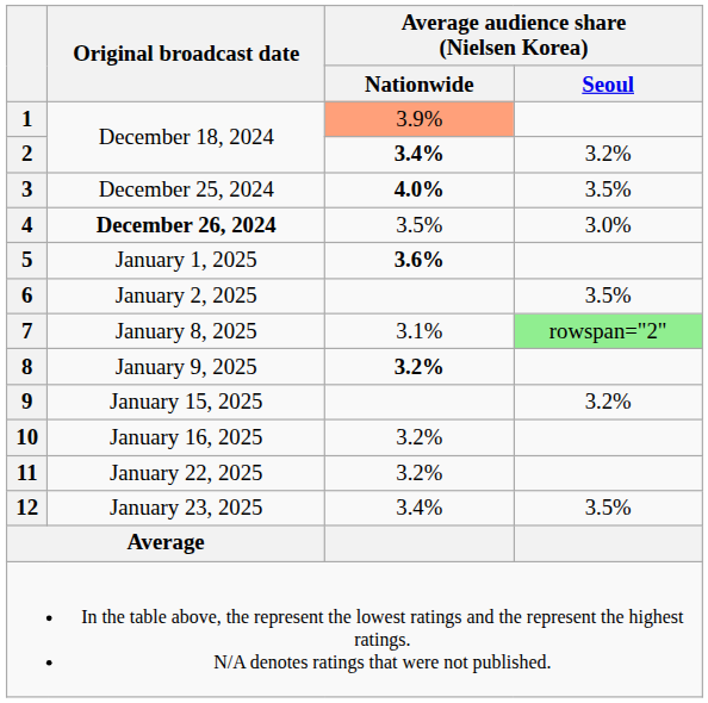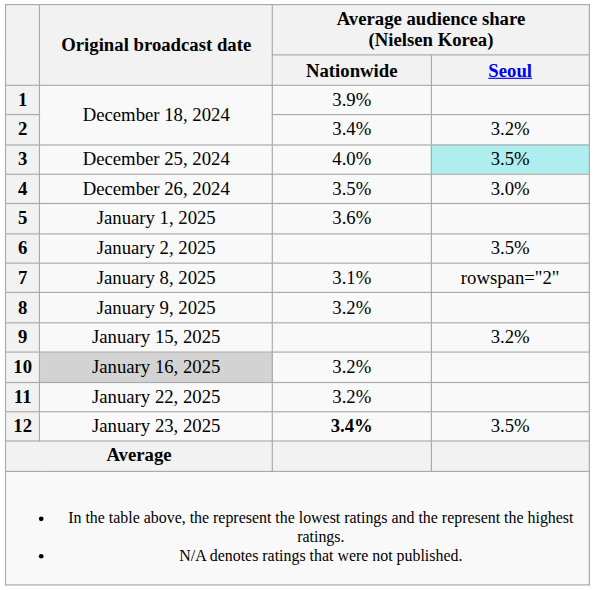 <table class="wikitable" style="margin-left:auto; margin-right:auto; width:500px; text-align:center">
 <tr>
 <th scope="col" rowspan="2"></th>
 <th scope="col" rowspan="2">Original broadcast date</th>
 <th scope="col" colspan="2">Average audience share<br>(Nielsen Korea)</th>
 </tr>
 <tr>
 <th scope="col" style="width:8em">Nationwide</th>
 <th scope="col" style="width:8em"><a href='#'>Seoul</a></th>
 </tr>
 <tr>
 <th scope="row">1</th>
 <td rowspan="2">December 18, 2024</td>
-<td style="background: lightsalmon;">3.9% </td>
+<td>3.9% </td>
 <td><strong></strong> </td>
 </tr>
 <tr>
 <th scope="row">2</th>
-<td><strong>3.4% </strong></td>
+<td>3.4% </td>
 <td>3.2% </td>
 </tr>
 <tr>
 <th scope="row">3</th>
 <td>December 25, 2024</td>
-<td><strong>4.0% </strong></td>
-<td>3.5% </td>
+<td>4.0% </td>
+<td style="background: paleturquoise;">3.5% </td>
 </tr>
 <tr>
 <th scope="row">4</th>
-<td><strong>December 26, 2024</strong></td>
+<td>December 26, 2024</td>
 <td>3.5% </td>
 <td>3.0% </td>
 </tr>
 <tr>
 <th scope="row">5</th>
 <td>January 1, 2025</td>
-<td><strong>3.6% </strong></td>
+<td>3.6% </td>
 <td></td>
 </tr>
 <tr>
 <th scope="row">6</th>
 <td>January 2, 2025</td>
 <td><strong></strong> </td>
 <td>3.5% </td>
 </tr>
 <tr>
 <th scope="row">7</th>
 <td>January 8, 2025</td>
 <td>3.1% </td>
-<td style="background: lightgreen;">rowspan="2" </td>
+<td>rowspan="2" </td>
 </tr>
 <tr>
 <th scope="row">8</th>
 <td>January 9, 2025</td>
-<td><strong>3.2% </strong></td>
+<td>3.2% </td>
 </tr>
 <tr>
 <th scope="row">9</th>
 <td>January 15, 2025</td>
 <td><strong></strong> </td>
 <td>3.2% </td>
 </tr>
 <tr>
 <th scope="row">10</th>
-<td>January 16, 2025</td>
+<td style="background: lightgrey;">January 16, 2025</td>
 <td>3.2% </td>
 <td><strong></strong> </td>
 </tr>
 <tr>
 <th scope="row">11</th>
 <td>January 22, 2025</td>
 <td>3.2% </td>
 <td></td>
 </tr>
 <tr>
 <th scope="row">12</th>
 <td>January 23, 2025</td>
-<td>3.4% </td>
+<td><strong>3.4% </strong></td>
 <td>3.5% </td>
 </tr>
 <tr>
 <th scope="col" colspan="2">Average</th>
 <th scope="col"></th>
 <th scope="col"></th>
 </tr>
 <tr>
 <td colspan="5" style="font-size:85%"><br><ul><li>In the table above, the <strong></strong> represent the lowest ratings and the <strong></strong> represent the highest ratings.</li><li>N/A denotes ratings that were not published.</li></ul></td>
 </tr>
 </table>
